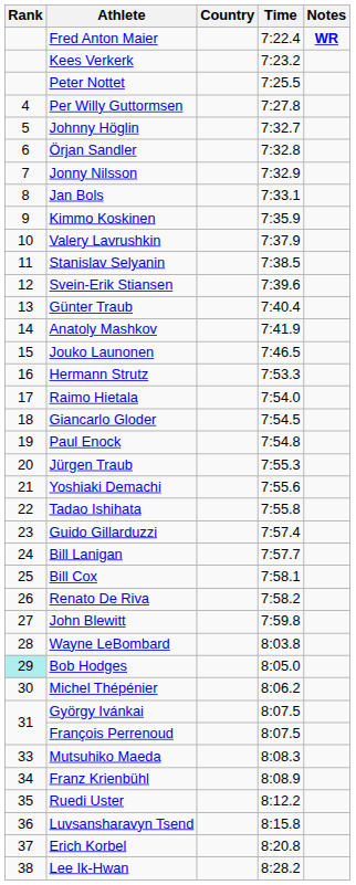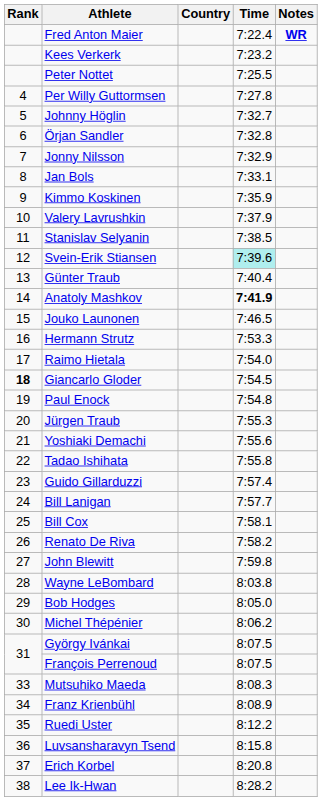 <table class="wikitable sortable" style="text-align:center">
 <tr>
 <th>Rank</th>
 <th>Athlete</th>
 <th>Country</th>
 <th>Time</th>
 <th>Notes</th>
 </tr>
 <tr>
 <td></td>
 <td align=left><a href='#'>Fred Anton Maier</a></td>
 <td align=left></td>
 <td>7:22.4</td>
 <td><strong><a href='#'>WR</a></strong></td>
 </tr>
 <tr>
 <td></td>
 <td align=left><a href='#'>Kees Verkerk</a></td>
 <td align=left></td>
 <td>7:23.2</td>
 <td></td>
 </tr>
 <tr>
 <td></td>
 <td align=left><a href='#'>Peter Nottet</a></td>
 <td align=left></td>
 <td>7:25.5</td>
 <td></td>
 </tr>
 <tr>
 <td>4</td>
 <td align=left><a href='#'>Per Willy Guttormsen</a></td>
 <td align=left></td>
 <td>7:27.8</td>
 <td></td>
 </tr>
 <tr>
 <td>5</td>
 <td align=left><a href='#'>Johnny Höglin</a></td>
 <td align=left></td>
 <td>7:32.7</td>
 <td></td>
 </tr>
 <tr>
 <td>6</td>
 <td align=left><a href='#'>Örjan Sandler</a></td>
 <td align=left></td>
 <td>7:32.8</td>
 <td></td>
 </tr>
 <tr>
 <td>7</td>
 <td align=left><a href='#'>Jonny Nilsson</a></td>
 <td align=left></td>
 <td>7:32.9</td>
 <td></td>
 </tr>
 <tr>
 <td>8</td>
 <td align=left><a href='#'>Jan Bols</a></td>
 <td align=left></td>
 <td>7:33.1</td>
 <td></td>
 </tr>
 <tr>
 <td>9</td>
 <td align=left><a href='#'>Kimmo Koskinen</a></td>
 <td align=left></td>
 <td>7:35.9</td>
 <td></td>
 </tr>
 <tr>
 <td>10</td>
 <td align=left><a href='#'>Valery Lavrushkin</a></td>
 <td align=left></td>
 <td>7:37.9</td>
 <td></td>
 </tr>
 <tr>
 <td>11</td>
 <td align=left><a href='#'>Stanislav Selyanin</a></td>
 <td align=left></td>
 <td>7:38.5</td>
 <td></td>
 </tr>
 <tr>
 <td>12</td>
 <td align=left><a href='#'>Svein-Erik Stiansen</a></td>
 <td align=left></td>
-<td>7:39.6</td>
+<td style="background: paleturquoise;">7:39.6</td>
 <td></td>
 </tr>
 <tr>
 <td>13</td>
 <td align=left><a href='#'>Günter Traub</a></td>
 <td align=left></td>
 <td>7:40.4</td>
 <td></td>
 </tr>
 <tr>
 <td>14</td>
 <td align=left><a href='#'>Anatoly Mashkov</a></td>
 <td align=left></td>
-<td>7:41.9</td>
+<td><strong>7:41.9</strong></td>
 <td></td>
 </tr>
 <tr>
 <td>15</td>
 <td align=left><a href='#'>Jouko Launonen</a></td>
 <td align=left></td>
 <td>7:46.5</td>
 <td></td>
 </tr>
 <tr>
 <td>16</td>
 <td align=left><a href='#'>Hermann Strutz</a></td>
 <td align=left></td>
 <td>7:53.3</td>
 <td></td>
 </tr>
 <tr>
 <td>17</td>
 <td align=left><a href='#'>Raimo Hietala</a></td>
 <td align=left></td>
 <td>7:54.0</td>
 <td></td>
 </tr>
 <tr>
-<td>18</td>
+<td><strong>18</strong></td>
 <td align=left><a href='#'>Giancarlo Gloder</a></td>
 <td align=left></td>
 <td>7:54.5</td>
 <td></td>
 </tr>
 <tr>
 <td>19</td>
 <td align=left><a href='#'>Paul Enock</a></td>
 <td align=left></td>
 <td>7:54.8</td>
 <td></td>
 </tr>
 <tr>
 <td>20</td>
 <td align=left><a href='#'>Jürgen Traub</a></td>
 <td align=left></td>
 <td>7:55.3</td>
 <td></td>
 </tr>
 <tr>
 <td>21</td>
 <td align=left><a href='#'>Yoshiaki Demachi</a></td>
 <td align=left></td>
 <td>7:55.6</td>
 <td></td>
 </tr>
 <tr>
 <td>22</td>
 <td align=left><a href='#'>Tadao Ishihata</a></td>
 <td align=left></td>
 <td>7:55.8</td>
 <td></td>
 </tr>
 <tr>
 <td>23</td>
 <td align=left><a href='#'>Guido Gillarduzzi</a></td>
 <td align=left></td>
 <td>7:57.4</td>
 <td></td>
 </tr>
 <tr>
 <td>24</td>
 <td align=left><a href='#'>Bill Lanigan</a></td>
 <td align=left></td>
 <td>7:57.7</td>
 <td></td>
 </tr>
 <tr>
 <td>25</td>
 <td align=left><a href='#'>Bill Cox</a></td>
 <td align=left></td>
 <td>7:58.1</td>
 <td></td>
 </tr>
 <tr>
 <td>26</td>
 <td align=left><a href='#'>Renato De Riva</a></td>
 <td align=left></td>
 <td>7:58.2</td>
 <td></td>
 </tr>
 <tr>
 <td>27</td>
 <td align=left><a href='#'>John Blewitt</a></td>
 <td align=left></td>
 <td>7:59.8</td>
 <td></td>
 </tr>
 <tr>
 <td>28</td>
 <td align=left><a href='#'>Wayne LeBombard</a></td>
 <td align=left></td>
 <td>8:03.8</td>
 <td></td>
 </tr>
 <tr>
-<td style="background: paleturquoise;">29</td>
+<td>29</td>
 <td align=left><a href='#'>Bob Hodges</a></td>
 <td align=left></td>
 <td>8:05.0</td>
 <td></td>
 </tr>
 <tr>
 <td>30</td>
 <td align=left><a href='#'>Michel Thépénier</a></td>
 <td align=left></td>
 <td>8:06.2</td>
 <td></td>
 </tr>
 <tr>
 <td rowspan=2>31</td>
 <td align=left><a href='#'>György Ivánkai</a></td>
 <td align=left></td>
 <td>8:07.5</td>
 <td></td>
 </tr>
 <tr>
 <td align=left><a href='#'>François Perrenoud</a></td>
 <td align=left></td>
 <td>8:07.5</td>
 <td></td>
 </tr>
 <tr>
 <td>33</td>
 <td align=left><a href='#'>Mutsuhiko Maeda</a></td>
 <td align=left></td>
 <td>8:08.3</td>
 <td></td>
 </tr>
 <tr>
 <td>34</td>
 <td align=left><a href='#'>Franz Krienbühl</a></td>
 <td align=left></td>
 <td>8:08.9</td>
 <td></td>
 </tr>
 <tr>
 <td>35</td>
 <td align=left><a href='#'>Ruedi Uster</a></td>
 <td align=left></td>
 <td>8:12.2</td>
 <td></td>
 </tr>
 <tr>
 <td>36</td>
 <td align=left><a href='#'>Luvsansharavyn Tsend</a></td>
 <td align=left></td>
 <td>8:15.8</td>
 <td></td>
 </tr>
 <tr>
 <td>37</td>
 <td align=left><a href='#'>Erich Korbel</a></td>
 <td align=left></td>
 <td>8:20.8</td>
 <td></td>
 </tr>
 <tr>
 <td>38</td>
 <td align=left><a href='#'>Lee Ik-Hwan</a></td>
 <td align=left></td>
 <td>8:28.2</td>
 <td></td>
 </tr>
 </table>
